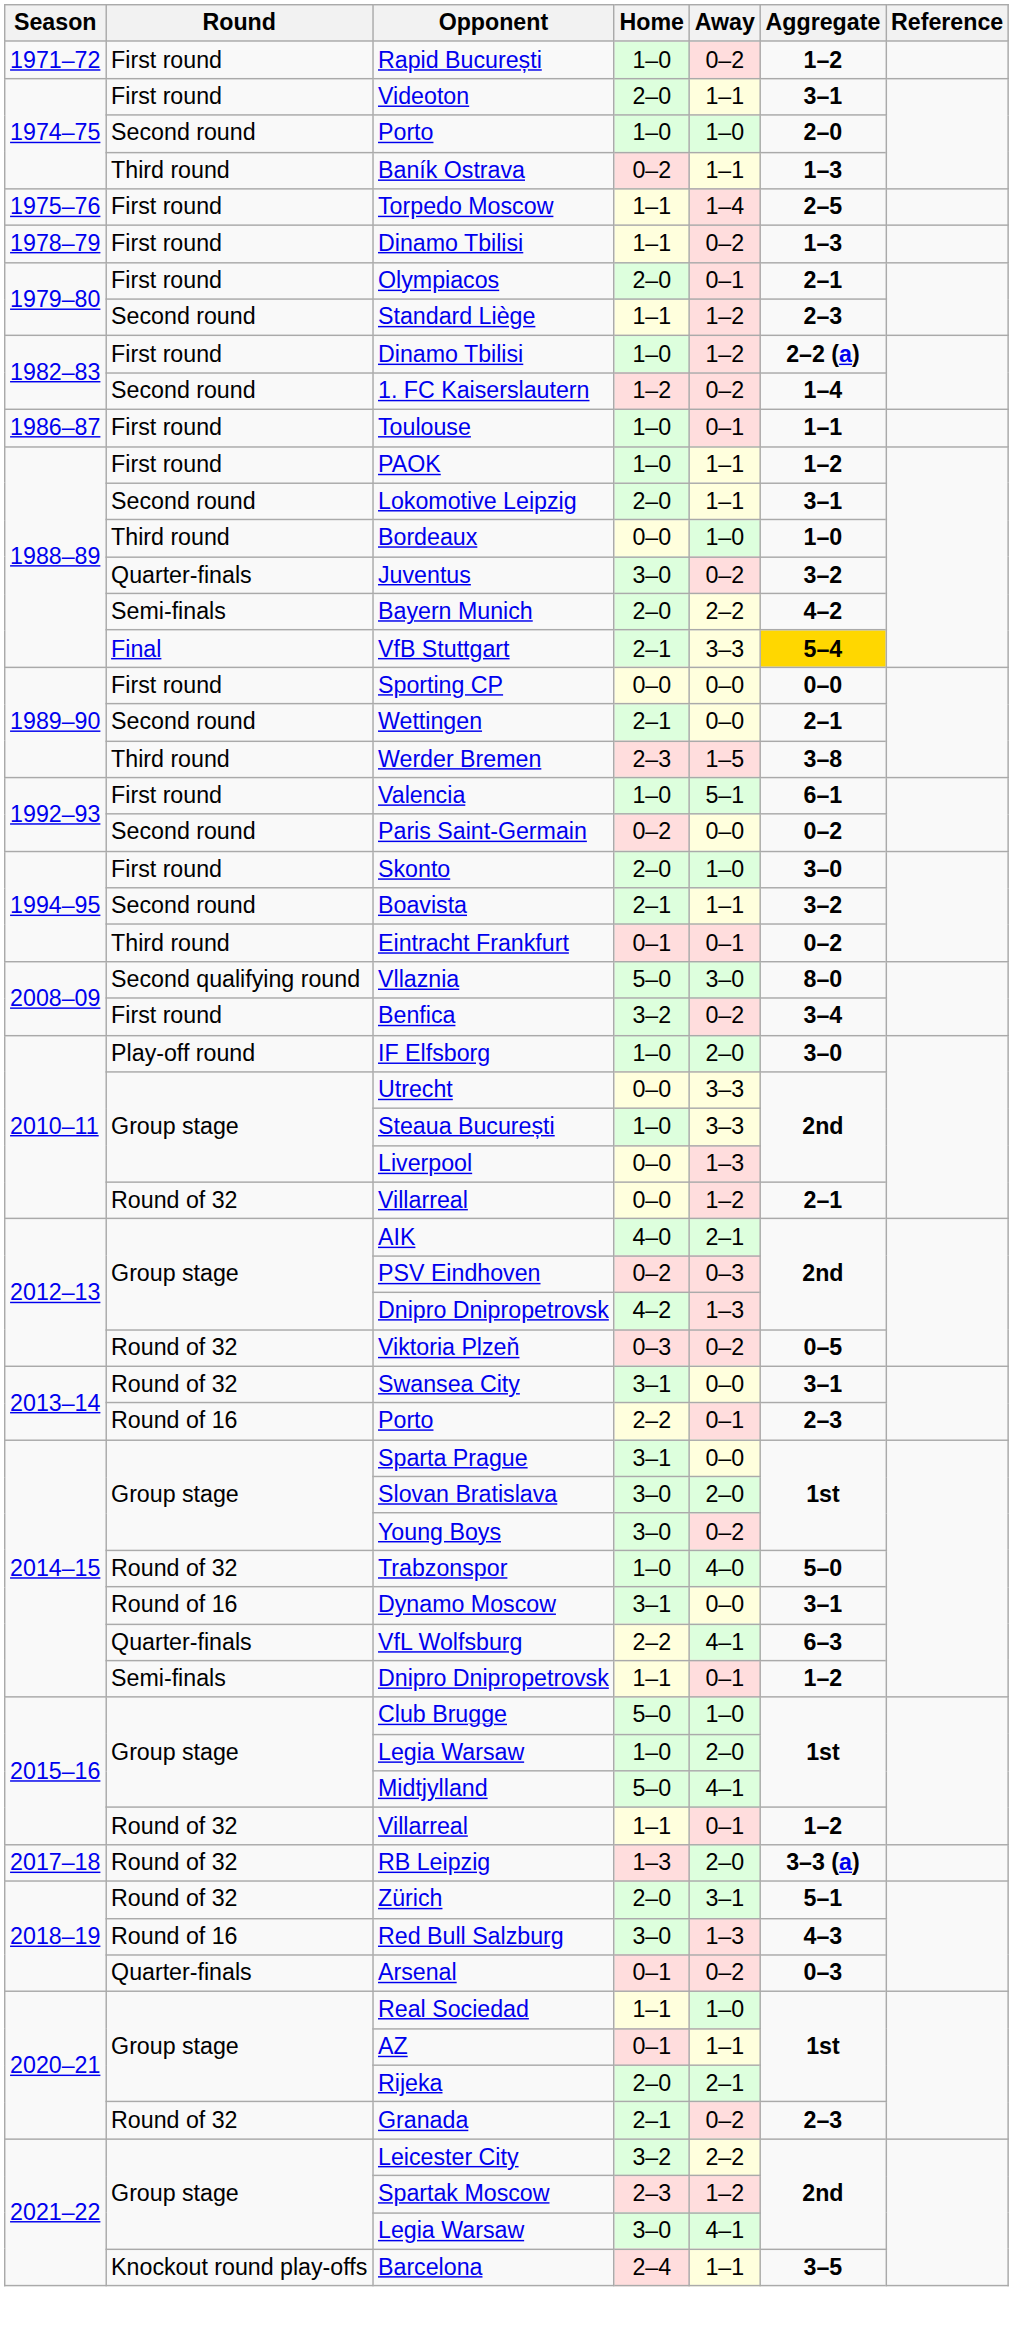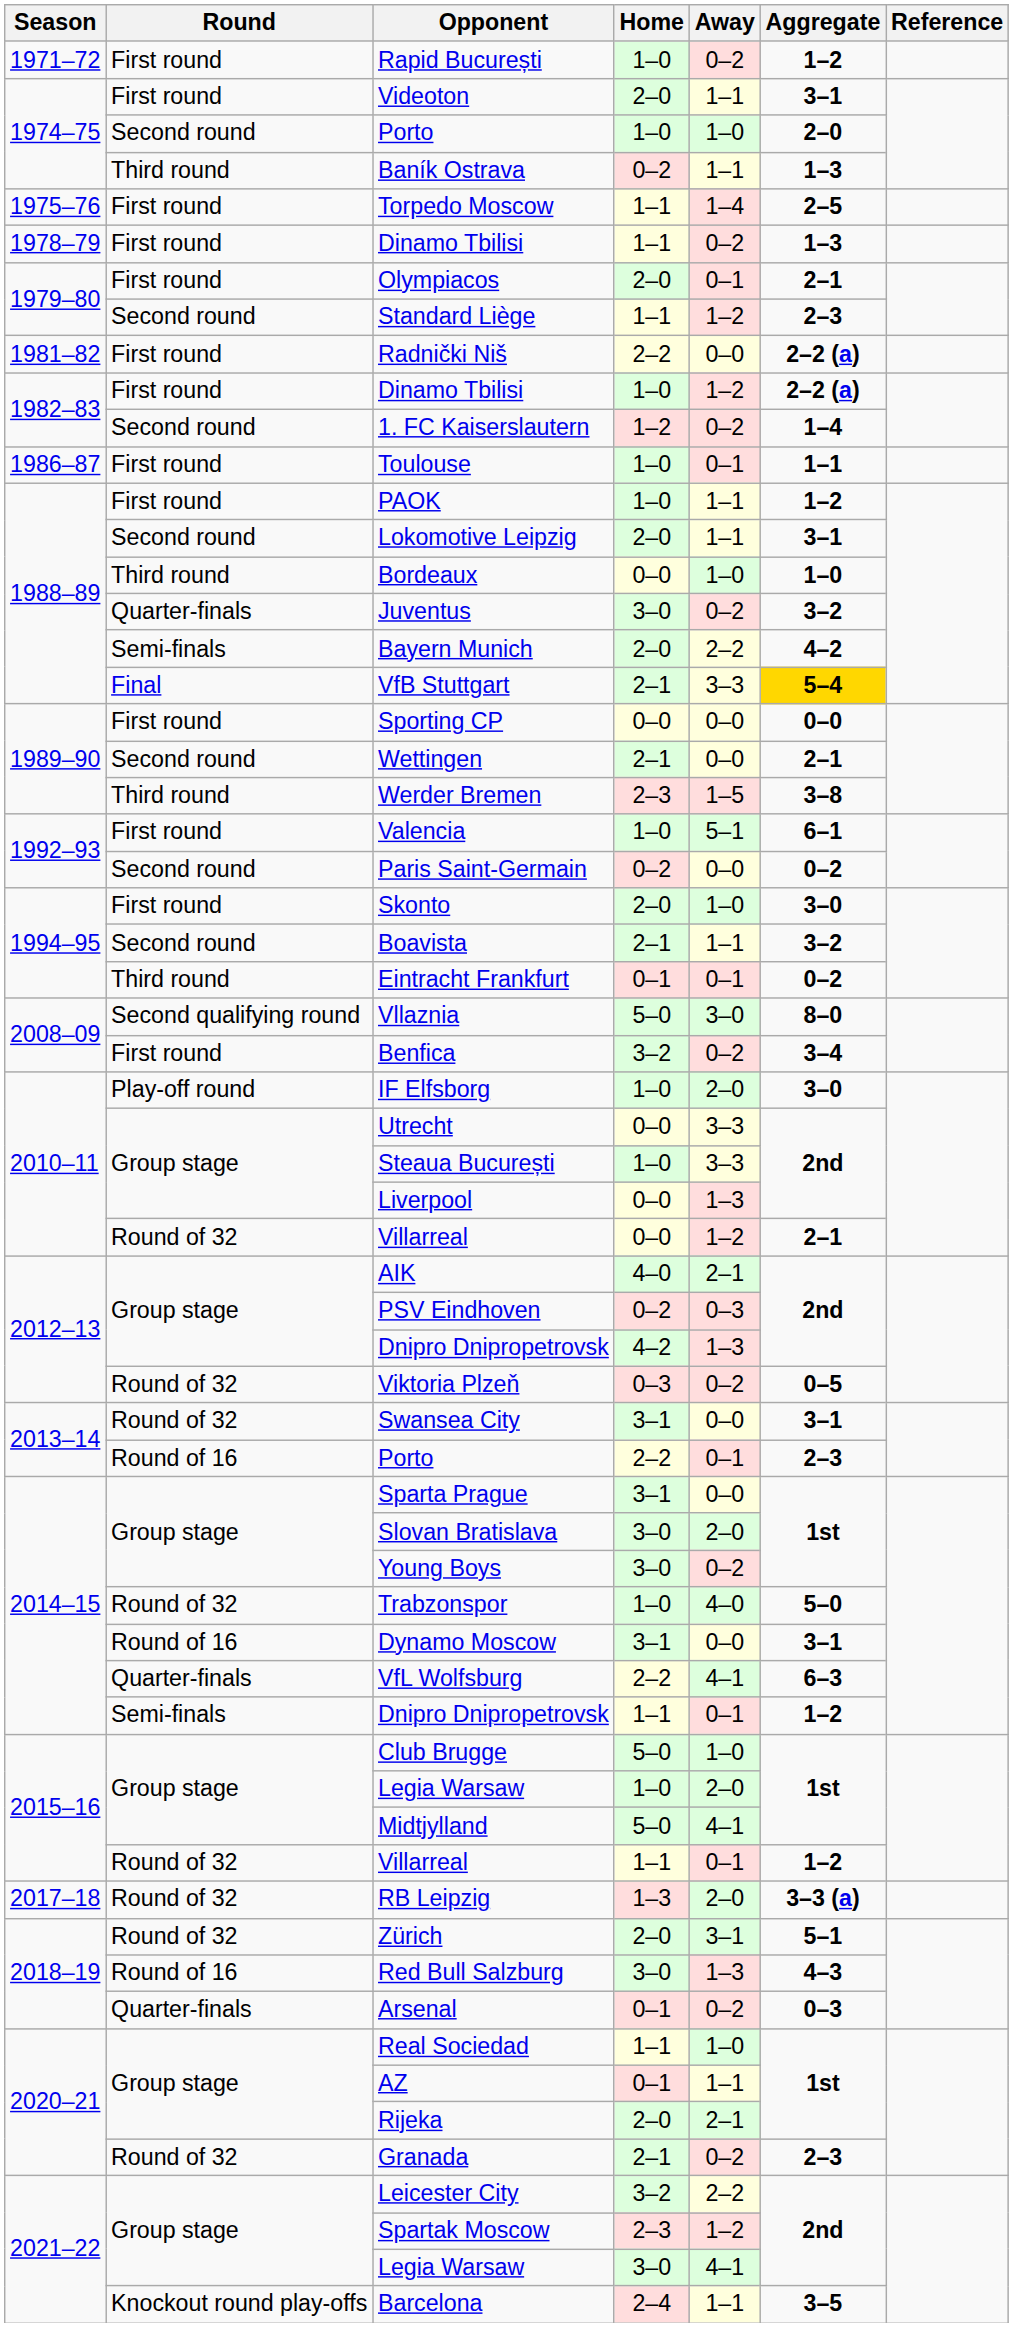 <table class="wikitable">
 <tr>
 <th>Season</th>
 <th>Round</th>
 <th>Opponent</th>
 <th>Home</th>
 <th>Away</th>
 <th>Aggregate</th>
 <th>Reference</th>
 </tr>
 <tr>
 <td><a href='#'>1971–72</a></td>
 <td>First round</td>
 <td> <a href='#'>Rapid București</a></td>
 <td style="text-align:center; background:#dfd;">1–0</td>
 <td style="text-align:center; background:#fdd;">0–2</td>
 <td style="text-align:center;"><strong>1–2</strong></td>
 <td style="text-align:center;"></td>
 </tr>
 <tr>
 <td rowspan=3><a href='#'>1974–75</a></td>
 <td>First round</td>
 <td> <a href='#'>Videoton</a></td>
 <td style="text-align:center; background:#dfd;">2–0</td>
 <td style="text-align:center; background:#ffd;">1–1</td>
 <td style="text-align:center;"><strong>3–1</strong></td>
 <td rowspan=3 style="text-align:center;"></td>
 </tr>
 <tr>
 <td>Second round</td>
 <td> <a href='#'>Porto</a></td>
 <td style="text-align:center; background:#dfd;">1–0</td>
 <td style="text-align:center; background:#dfd;">1–0</td>
 <td style="text-align:center;"><strong>2–0</strong></td>
 </tr>
 <tr>
 <td>Third round</td>
 <td> <a href='#'>Baník Ostrava</a></td>
 <td style="text-align:center; background:#fdd;">0–2</td>
 <td style="text-align:center; background:#ffd;">1–1</td>
 <td style="text-align:center;"><strong>1–3</strong></td>
 </tr>
 <tr>
 <td><a href='#'>1975–76</a></td>
 <td>First round</td>
 <td> <a href='#'>Torpedo Moscow</a></td>
 <td style="text-align:center; background:#ffd;">1–1</td>
 <td style="text-align:center; background:#fdd;">1–4</td>
 <td style="text-align:center;"><strong>2–5</strong></td>
 <td style="text-align:center;"></td>
 </tr>
 <tr>
 <td><a href='#'>1978–79</a></td>
 <td>First round</td>
 <td> <a href='#'>Dinamo Tbilisi</a></td>
 <td style="text-align:center; background:#ffd;">1–1</td>
 <td style="text-align:center; background:#fdd;">0–2</td>
 <td style="text-align:center;"><strong>1–3</strong></td>
 <td style="text-align:center;"></td>
 </tr>
 <tr>
 <td rowspan=2><a href='#'>1979–80</a></td>
 <td>First round</td>
 <td> <a href='#'>Olympiacos</a></td>
 <td style="text-align:center; background:#dfd;">2–0</td>
 <td style="text-align:center; background:#fdd;">0–1</td>
 <td style="text-align:center;"><strong>2–1</strong></td>
 <td rowspan=2 style="text-align:center;"></td>
 </tr>
 <tr>
 <td>Second round</td>
 <td> <a href='#'>Standard Liège</a></td>
 <td style="text-align:center; background:#ffd;">1–1</td>
 <td style="text-align:center; background:#fdd;">1–2</td>
 <td style="text-align:center;"><strong>2–3</strong></td>
+</tr>
+<tr>
+<td><a href='#'>1981–82</a></td>
+<td>First round</td>
+<td> <a href='#'>Radnički Niš</a></td>
+<td style="text-align:center; background:#ffd;">2–2</td>
+<td style="text-align:center; background:#ffd;">0–0</td>
+<td style="text-align:center;"><strong>2–2 (<a href='#'>a</a>)</strong></td>
+<td style="text-align:center;"></td>
 </tr>
 <tr>
 <td rowspan=2><a href='#'>1982–83</a><br></td>
 <td>First round</td>
 <td> <a href='#'>Dinamo Tbilisi</a></td>
 <td style="text-align:center; background:#dfd;">1–0</td>
 <td style="text-align:center; background:#fdd;">1–2</td>
 <td style="text-align:center;"><strong>2–2  (<a href='#'>a</a>)</strong></td>
 <td rowspan=2 style="text-align:center;"></td>
 </tr>
 <tr>
 <td>Second round</td>
 <td> <a href='#'>1. FC Kaiserslautern</a></td>
 <td style="text-align:center; background:#fdd;">1–2</td>
 <td style="text-align:center; background:#fdd;">0–2</td>
 <td style="text-align:center;"><strong>1–4</strong></td>
 </tr>
 <tr>
 <td><a href='#'>1986–87</a></td>
 <td>First round</td>
 <td> <a href='#'>Toulouse</a></td>
 <td style="text-align:center; background:#dfd;">1–0</td>
 <td style="text-align:center; background:#fdd;">0–1 </td>
 <td style="text-align:center;"><strong>1–1 </strong></td>
 <td style="text-align:center;"></td>
 </tr>
 <tr>
 <td rowspan=6><a href='#'>1988–89</a></td>
 <td>First round</td>
 <td> <a href='#'>PAOK</a></td>
 <td style="text-align:center; background:#dfd;">1–0</td>
 <td style="text-align:center; background:#ffd;">1–1</td>
 <td style="text-align:center;"><strong>1–2</strong></td>
 <td rowspan=6 style="text-align:center;"></td>
 </tr>
 <tr>
 <td>Second round</td>
 <td> <a href='#'>Lokomotive Leipzig</a></td>
 <td style="text-align:center; background:#dfd;">2–0</td>
 <td style="text-align:center; background:#ffd;">1–1</td>
 <td style="text-align:center;"><strong>3–1</strong></td>
 </tr>
 <tr>
 <td>Third round</td>
 <td> <a href='#'>Bordeaux</a></td>
 <td style="text-align:center; background:#ffd;">0–0</td>
 <td style="text-align:center; background:#dfd;">1–0</td>
 <td style="text-align:center;"><strong>1–0</strong></td>
 </tr>
 <tr>
 <td>Quarter-finals</td>
 <td> <a href='#'>Juventus</a></td>
 <td style="text-align:center; background:#dfd;">3–0 </td>
 <td style="text-align:center; background:#fdd;">0–2</td>
 <td style="text-align:center;"><strong>3–2</strong></td>
 </tr>
 <tr>
 <td>Semi-finals</td>
 <td> <a href='#'>Bayern Munich</a></td>
 <td style="text-align:center; background:#dfd;">2–0</td>
 <td style="text-align:center; background:#ffd;">2–2</td>
 <td style="text-align:center;"><strong>4–2</strong></td>
 </tr>
 <tr>
 <td><a href='#'>Final</a></td>
 <td> <a href='#'>VfB Stuttgart</a></td>
 <td style="text-align:center; background:#dfd;">2–1</td>
 <td style="text-align:center; background:#ffd;">3–3</td>
 <td bgcolor=Gold style="text-align:center;"><strong>5–4</strong></td>
 </tr>
 <tr>
 <td rowspan=3><a href='#'>1989–90</a></td>
 <td>First round</td>
 <td> <a href='#'>Sporting CP</a></td>
 <td style="text-align:center; background:#ffd;">0–0 </td>
 <td style="text-align:center; background:#ffd;">0–0</td>
 <td style="text-align:center;"><strong>0–0 </strong></td>
 <td rowspan=3 style="text-align:center;"></td>
 </tr>
 <tr>
 <td>Second round</td>
 <td> <a href='#'>Wettingen</a></td>
 <td style="text-align:center; background:#dfd;">2–1</td>
 <td style="text-align:center; background:#ffd;">0–0</td>
 <td style="text-align:center;"><strong>2–1</strong></td>
 </tr>
 <tr>
 <td>Third round</td>
 <td> <a href='#'>Werder Bremen</a></td>
 <td style="text-align:center; background:#fdd;">2–3</td>
 <td style="text-align:center; background:#fdd;">1–5</td>
 <td style="text-align:center;"><strong>3–8</strong></td>
 </tr>
 <tr>
 <td rowspan=2><a href='#'>1992–93</a></td>
 <td>First round</td>
 <td> <a href='#'>Valencia</a></td>
 <td style="text-align:center; background:#dfd;">1–0</td>
 <td style="text-align:center; background:#dfd;">5–1</td>
 <td style="text-align:center;"><strong>6–1</strong></td>
 <td rowspan=2 style="text-align:center;"></td>
 </tr>
 <tr>
 <td>Second round</td>
 <td> <a href='#'>Paris Saint-Germain</a></td>
 <td style="text-align:center; background:#fdd;">0–2</td>
 <td style="text-align:center; background:#ffd;">0–0</td>
 <td style="text-align:center;"><strong>0–2</strong></td>
 </tr>
 <tr>
 <td rowspan=3><a href='#'>1994–95</a></td>
 <td>First round</td>
 <td> <a href='#'>Skonto</a></td>
 <td style="text-align:center; background:#dfd;">2–0</td>
 <td style="text-align:center; background:#dfd;">1–0</td>
 <td style="text-align:center;"><strong>3–0</strong></td>
 <td rowspan=3 style="text-align:center;"></td>
 </tr>
 <tr>
 <td>Second round</td>
 <td> <a href='#'>Boavista</a></td>
 <td style="text-align:center; background:#dfd;">2–1</td>
 <td style="text-align:center; background:#ffd;">1–1</td>
 <td style="text-align:center;"><strong>3–2</strong></td>
 </tr>
 <tr>
 <td>Third round</td>
 <td> <a href='#'>Eintracht Frankfurt</a></td>
 <td style="text-align:center; background:#fdd;">0–1</td>
 <td style="text-align:center; background:#fdd;">0–1</td>
 <td style="text-align:center;"><strong>0–2</strong></td>
 </tr>
 <tr>
 <td rowspan=2><a href='#'>2008–09</a></td>
 <td>Second qualifying round</td>
 <td> <a href='#'>Vllaznia</a></td>
 <td style="text-align:center; background:#dfd;">5–0</td>
 <td style="text-align:center; background:#dfd;">3–0</td>
 <td style="text-align:center;"><strong>8–0</strong></td>
 <td rowspan=2 style="text-align:center;"></td>
 </tr>
 <tr>
 <td>First round</td>
 <td> <a href='#'>Benfica</a></td>
 <td style="text-align:center; background:#dfd;">3–2</td>
 <td style="text-align:center; background:#fdd;">0–2</td>
 <td style="text-align:center;"><strong>3–4</strong></td>
 </tr>
 <tr>
 <td rowspan=5><a href='#'>2010–11</a></td>
 <td>Play-off round</td>
 <td> <a href='#'>IF Elfsborg</a></td>
 <td style="text-align:center; background:#dfd;">1–0</td>
 <td style="text-align:center; background:#dfd;">2–0</td>
 <td style="text-align:center;"><strong>3–0</strong></td>
 <td rowspan="5" style="text-align:center;"></td>
 </tr>
 <tr>
 <td rowspan=3>Group stage</td>
 <td> <a href='#'>Utrecht</a></td>
 <td style="text-align:center; background:#ffd;">0–0</td>
 <td style="text-align:center; background:#ffd;">3–3</td>
 <td style="text-align:center;" rowspan=3><strong>2nd</strong></td>
 </tr>
 <tr>
 <td> <a href='#'>Steaua București</a></td>
 <td style="text-align:center; background:#dfd;">1–0</td>
 <td style="text-align:center; background:#ffd;">3–3</td>
 </tr>
 <tr>
 <td> <a href='#'>Liverpool</a></td>
 <td style="text-align:center; background:#ffd;">0–0</td>
 <td style="text-align:center; background:#fdd;">1–3</td>
 </tr>
 <tr>
 <td>Round of 32</td>
 <td> <a href='#'>Villarreal</a></td>
 <td style="text-align:center; background:#ffd;">0–0</td>
 <td style="text-align:center; background:#fdd;">1–2</td>
 <td style="text-align:center;"><strong>2–1</strong></td>
 </tr>
 <tr>
 <td rowspan=4><a href='#'>2012–13</a></td>
 <td rowspan=3>Group stage</td>
 <td> <a href='#'>AIK</a></td>
 <td style="text-align:center; background:#dfd;">4–0</td>
 <td style="text-align:center; background:#dfd;">2–1</td>
 <td style="text-align:center;" rowspan=3><strong>2nd</strong></td>
 <td rowspan="4" style="text-align:center;"></td>
 </tr>
 <tr>
 <td> <a href='#'>PSV Eindhoven</a></td>
 <td style="text-align:center; background:#fdd;">0–2</td>
 <td style="text-align:center; background:#fdd;">0–3</td>
 </tr>
 <tr>
 <td> <a href='#'>Dnipro Dnipropetrovsk</a></td>
 <td style="text-align:center; background:#dfd;">4–2</td>
 <td style="text-align:center; background:#fdd;">1–3</td>
 </tr>
 <tr>
 <td>Round of 32</td>
 <td> <a href='#'>Viktoria Plzeň</a></td>
 <td style="text-align:center; background:#fdd;">0–3</td>
 <td style="text-align:center; background:#fdd;">0–2</td>
 <td style="text-align:center;"><strong>0–5</strong></td>
 </tr>
 <tr>
 <td rowspan=2><a href='#'>2013–14</a></td>
 <td>Round of 32</td>
 <td> <a href='#'>Swansea City</a></td>
 <td style="text-align:center; background:#dfd;">3–1</td>
 <td style="text-align:center; background:#ffd;">0–0</td>
 <td style="text-align:center;"><strong>3–1</strong></td>
 <td rowspan="2" style="text-align:center;"></td>
 </tr>
 <tr>
 <td>Round of 16</td>
 <td> <a href='#'>Porto</a></td>
 <td style="text-align:center; background:#ffd;">2–2</td>
 <td style="text-align:center; background:#fdd;">0–1</td>
 <td style="text-align:center;"><strong>2–3</strong></td>
 </tr>
 <tr>
 <td rowspan=7><a href='#'>2014–15</a></td>
 <td rowspan=3>Group stage</td>
 <td> <a href='#'>Sparta Prague</a></td>
 <td style="text-align:center; background:#dfd;">3–1</td>
 <td style="text-align:center; background:#ffd;">0–0</td>
 <td style="text-align:center;" rowspan=3><strong>1st</strong></td>
 <td rowspan="7" style="text-align:center;"></td>
 </tr>
 <tr>
 <td> <a href='#'>Slovan Bratislava</a></td>
 <td style="text-align:center; background:#dfd;">3–0</td>
 <td style="text-align:center; background:#dfd;">2–0</td>
 </tr>
 <tr>
 <td> <a href='#'>Young Boys</a></td>
 <td style="text-align:center; background:#dfd;">3–0</td>
 <td style="text-align:center; background:#fdd;">0–2</td>
 </tr>
 <tr>
 <td>Round of 32</td>
 <td> <a href='#'>Trabzonspor</a></td>
 <td style="text-align:center; background:#dfd;">1–0</td>
 <td style="text-align:center; background:#dfd;">4–0</td>
 <td style="text-align:center;"><strong>5–0</strong></td>
 </tr>
 <tr>
 <td>Round of 16</td>
 <td> <a href='#'>Dynamo Moscow</a></td>
 <td style="text-align:center; background:#dfd;">3–1</td>
 <td style="text-align:center; background:#ffd;">0–0</td>
 <td style="text-align:center;"><strong>3–1</strong></td>
 </tr>
 <tr>
 <td>Quarter-finals</td>
 <td> <a href='#'>VfL Wolfsburg</a></td>
 <td style="text-align:center; background:#ffd;">2–2</td>
 <td style="text-align:center; background:#dfd;">4–1</td>
 <td style="text-align:center;"><strong>6–3</strong></td>
 </tr>
 <tr>
 <td>Semi-finals</td>
 <td> <a href='#'>Dnipro Dnipropetrovsk</a></td>
 <td style="text-align:center; background:#ffd;">1–1</td>
 <td style="text-align:center; background:#fdd;">0–1</td>
 <td style="text-align:center;"><strong>1–2</strong></td>
 </tr>
 <tr>
 <td rowspan=4><a href='#'>2015–16</a></td>
 <td rowspan=3>Group stage</td>
 <td> <a href='#'>Club Brugge</a></td>
 <td style="text-align:center; background:#dfd;">5–0</td>
 <td style="text-align:center; background:#dfd;">1–0</td>
 <td style="text-align:center;" rowspan=3><strong>1st</strong></td>
 <td rowspan="4" style="text-align:center;"></td>
 </tr>
 <tr>
 <td> <a href='#'>Legia Warsaw</a></td>
 <td style="text-align:center; background:#dfd;">1–0</td>
 <td style="text-align:center; background:#dfd;">2–0</td>
 </tr>
 <tr>
 <td> <a href='#'>Midtjylland</a></td>
 <td style="text-align:center; background:#dfd;">5–0</td>
 <td style="text-align:center; background:#dfd;">4–1</td>
 </tr>
 <tr>
 <td>Round of 32</td>
 <td> <a href='#'>Villarreal</a></td>
 <td style="text-align:center; background:#ffd;">1–1</td>
 <td style="text-align:center; background:#fdd;">0–1</td>
 <td style="text-align:center;"><strong>1–2</strong></td>
 </tr>
 <tr>
 <td><a href='#'>2017–18</a></td>
 <td>Round of 32</td>
 <td> <a href='#'>RB Leipzig</a></td>
 <td style="text-align:center; background:#fdd;">1–3</td>
 <td style="text-align:center; background:#dfd;">2–0</td>
 <td style="text-align:center;"><strong>3–3 (<a href='#'>a</a>)</strong></td>
 <td style="text-align:center;"></td>
 </tr>
 <tr>
 <td rowspan=3><a href='#'>2018–19</a></td>
 <td>Round of 32</td>
 <td> <a href='#'>Zürich</a></td>
 <td style="text-align:center; background:#dfd;">2–0</td>
 <td style="text-align:center; background:#dfd;">3–1</td>
 <td style="text-align:center;"><strong>5–1</strong></td>
 <td rowspan="3" style="text-align:center;"></td>
 </tr>
 <tr>
 <td>Round of 16</td>
 <td> <a href='#'>Red Bull Salzburg</a></td>
 <td style="text-align:center; background:#dfd;">3–0</td>
 <td style="text-align:center; background:#fdd;">1–3</td>
 <td style="text-align:center;"><strong>4–3</strong></td>
 </tr>
 <tr>
 <td>Quarter-finals</td>
 <td> <a href='#'>Arsenal</a></td>
 <td style="text-align:center; background:#fdd;">0–1</td>
 <td style="text-align:center; background:#fdd;">0–2</td>
 <td style="text-align:center;"><strong>0–3</strong></td>
 </tr>
 <tr>
 <td rowspan=4><a href='#'>2020–21</a></td>
 <td rowspan=3>Group stage</td>
 <td> <a href='#'>Real Sociedad</a></td>
 <td style="text-align:center; background:#ffd;">1–1</td>
 <td style="text-align:center; background:#dfd;">1–0</td>
 <td style="text-align:center;" rowspan=3><strong>1st</strong></td>
 <td style="text-align:center;" rowspan=4></td>
 </tr>
 <tr>
 <td> <a href='#'>AZ</a></td>
 <td style="text-align:center; background:#fdd;">0–1</td>
 <td style="text-align:center; background:#ffd;">1–1</td>
 </tr>
 <tr>
 <td> <a href='#'>Rijeka</a></td>
 <td style="text-align:center; background:#dfd;">2–0</td>
 <td style="text-align:center; background:#dfd;">2–1</td>
 </tr>
 <tr>
 <td>Round of 32</td>
 <td> <a href='#'>Granada</a></td>
 <td style="text-align:center; background:#dfd;">2–1</td>
 <td style="text-align:center; background:#fdd;">0–2</td>
 <td style="text-align:center;"><strong>2–3</strong></td>
 </tr>
 <tr>
 <td rowspan=4><a href='#'>2021–22</a></td>
 <td rowspan=3>Group stage</td>
 <td> <a href='#'>Leicester City</a></td>
 <td style="text-align:center; background:#dfd;">3–2</td>
 <td style="text-align:center; background:#ffd;">2–2</td>
 <td style="text-align:center;" rowspan=3><strong>2nd</strong></td>
 <td style="text-align:center;" rowspan=4></td>
 </tr>
 <tr>
 <td> <a href='#'>Spartak Moscow</a></td>
 <td style="text-align:center; background:#fdd;">2–3</td>
 <td style="text-align:center; background:#fdd;">1–2</td>
 </tr>
 <tr>
 <td> <a href='#'>Legia Warsaw</a></td>
 <td style="text-align:center; background:#dfd;">3–0</td>
 <td style="text-align:center; background:#dfd;">4–1</td>
 </tr>
 <tr>
 <td>Knockout round play-offs</td>
 <td> <a href='#'>Barcelona</a></td>
 <td style="text-align:center; background:#fdd;">2–4</td>
 <td style="text-align:center; background:#ffd;">1–1</td>
 <td style="text-align:center;"><strong>3–5</strong></td>
 </tr>
 </table>
